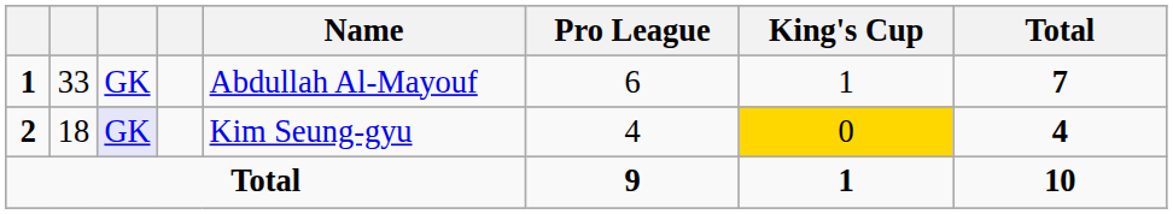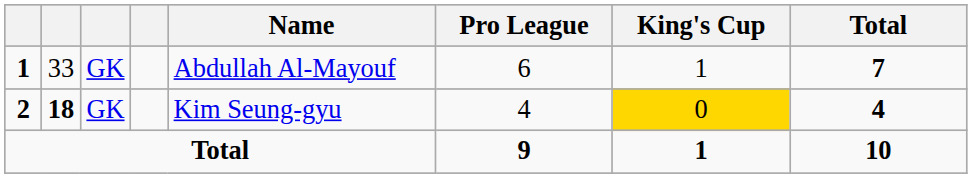 <table class="wikitable" style="text-align:center">
 <tr>
 <th width=15></th>
 <th width=15></th>
 <th width=15></th>
 <th width=15></th>
 <th width=155>Name</th>
 <th width=100>Pro League</th>
 <th width=100>King's Cup</th>
 <th width=100>Total</th>
 </tr>
 <tr>
 <td><strong>1</strong></td>
 <td>33</td>
 <td><a href='#'>GK</a></td>
 <td></td>
 <td align=left><a href='#'>Abdullah Al-Mayouf</a></td>
 <td>6</td>
 <td>1</td>
 <td><strong>7</strong></td>
 </tr>
 <tr>
 <td><strong>2</strong></td>
-<td>18</td>
-<td style="background: lavender;"><a href='#'>GK</a></td>
+<td><strong>18</strong></td>
+<td><a href='#'>GK</a></td>
 <td></td>
 <td align=left><a href='#'>Kim Seung-gyu</a></td>
 <td>4</td>
 <td style="background: gold;">0</td>
 <td><strong>4</strong></td>
 </tr>
 <tr>
 <td colspan=5><strong>Total</strong></td>
 <td><strong>9</strong></td>
 <td><strong>1</strong></td>
 <td><strong>10</strong></td>
 </tr>
 </table>
